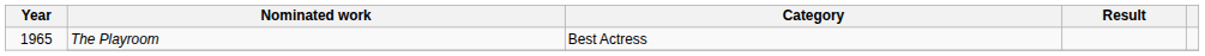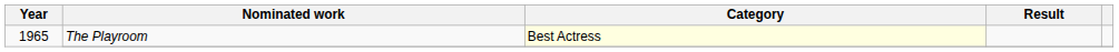 <table class="wikitable" style="width:85%;">
 <tr>
 <th width=5%>Year</th>
 <th style="width:40%;">Nominated work</th>
 <th style="width:40%;">Category</th>
 <th style="width:10%;">Result</th>
 <th width=1%></th>
 </tr>
 <tr>
 <td rowspan="2" style="text-align:center;">1965</td>
 <td><em>The Playroom</em></td>
-<td>Best Actress</td>
+<td style="background: lightyellow;">Best Actress</td>
 <td></td>
 <td style="text-align:center;"></td>
 </tr>
 <tr>
 </tr>
 </table>
